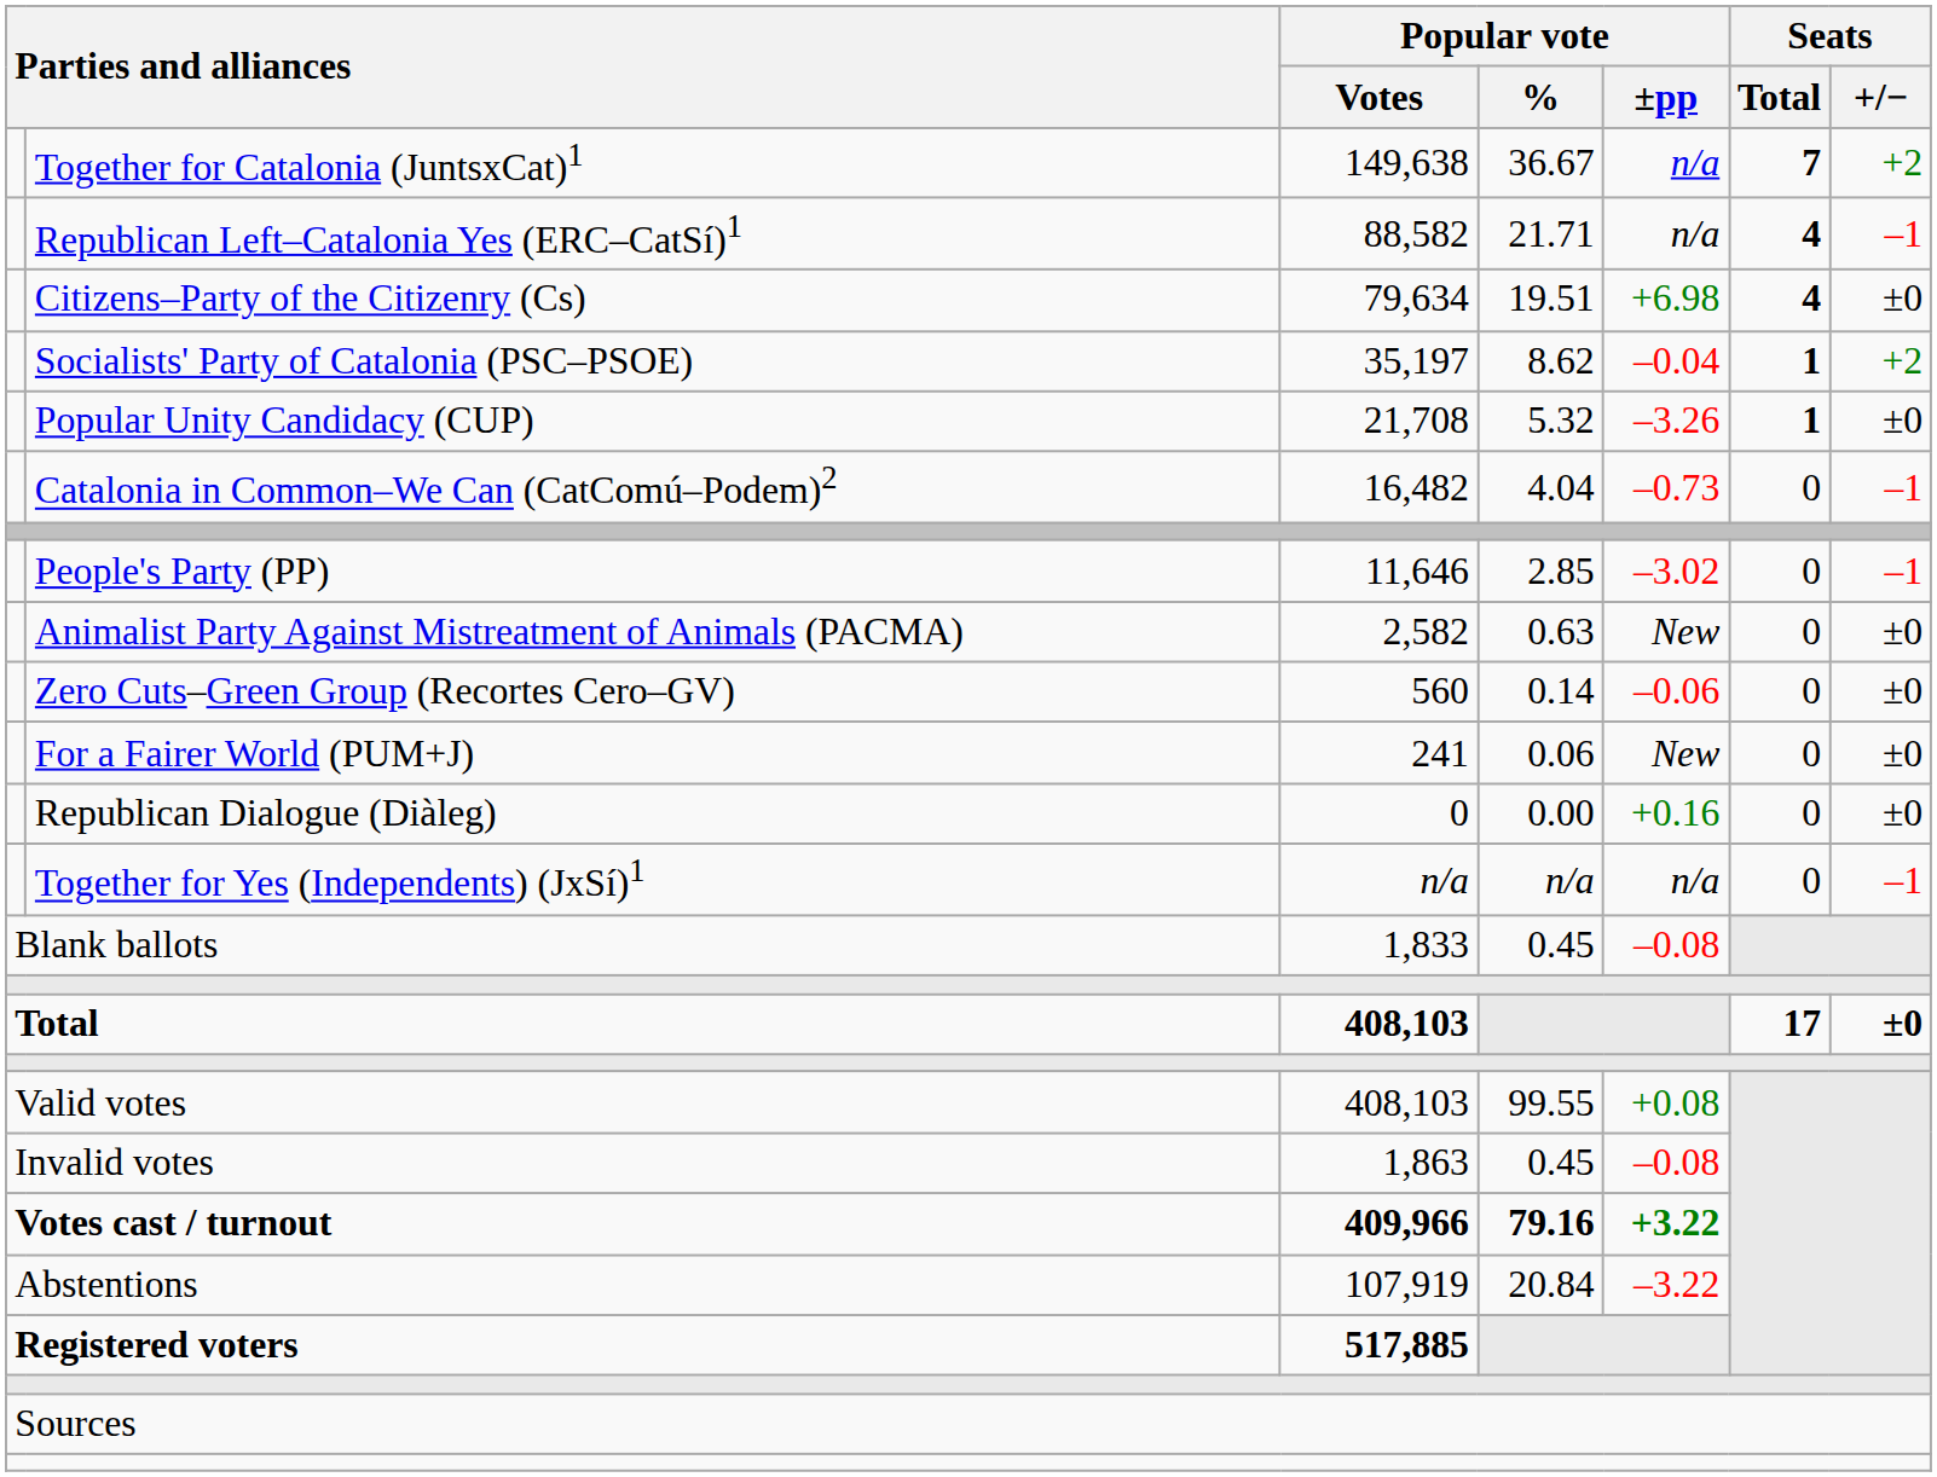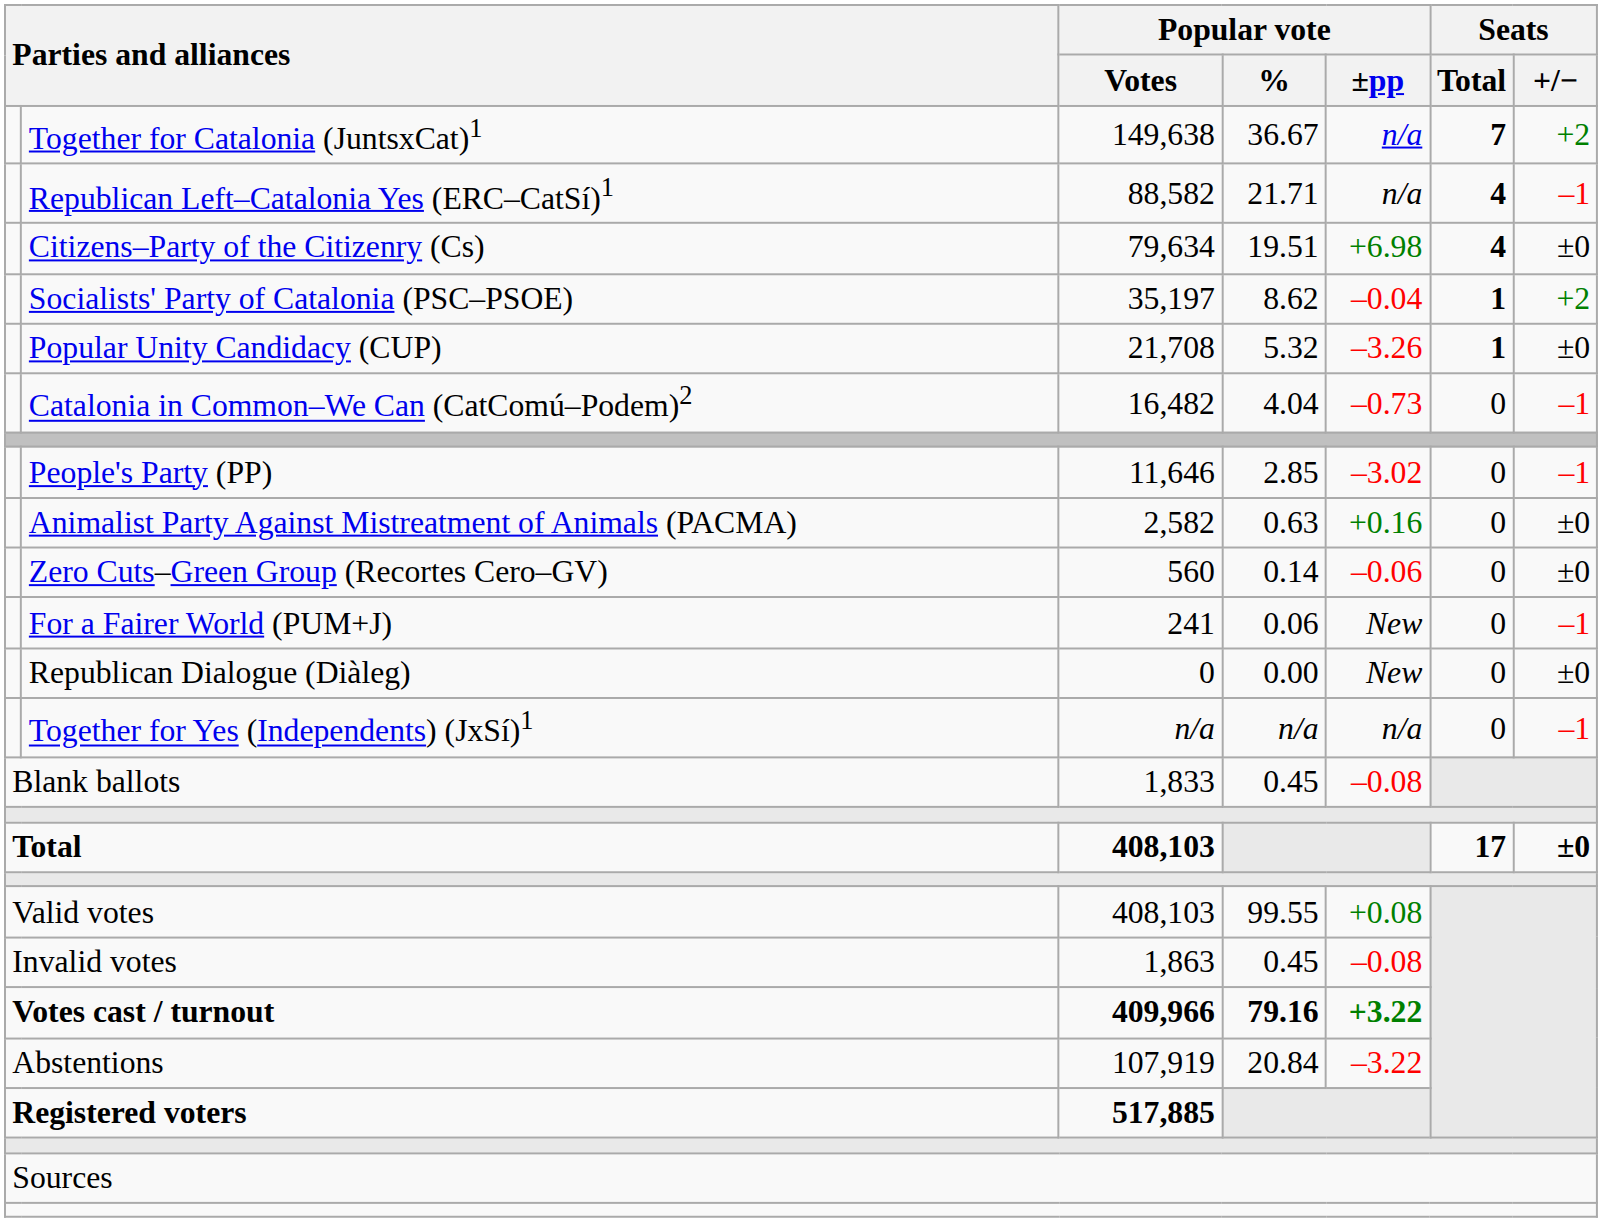 <table class="wikitable" style="text-align:right;">
 <tr>
 <th style="text-align:left;" rowspan="2" colspan="2" width="525">Parties and alliances</th>
 <th colspan="3">Popular vote</th>
 <th colspan="2">Seats</th>
 </tr>
 <tr>
 <th width="75">Votes</th>
 <th width="45">%</th>
 <th width="45">±<a href='#'>pp</a></th>
 <th width="35">Total</th>
 <th width="35">+/−</th>
 </tr>
 <tr>
 <td width="1" style="color:inherit;background:"></td>
 <td align="left"><a href='#'>Together for Catalonia</a> (JuntsxCat)<sup>1</sup></td>
 <td>149,638</td>
 <td>36.67</td>
 <td><em><a href='#'>n/a</a></em></td>
 <td><strong>7</strong></td>
 <td style="color:green;">+2</td>
 </tr>
 <tr>
 <td style="color:inherit;background:"></td>
 <td align="left"><a href='#'>Republican Left–Catalonia Yes</a> (ERC–CatSí)<sup>1</sup></td>
 <td>88,582</td>
 <td>21.71</td>
 <td><em>n/a</em></td>
 <td><strong>4</strong></td>
 <td style="color:red;">–1</td>
 </tr>
 <tr>
 <td style="color:inherit;background:"></td>
 <td align="left"><a href='#'>Citizens–Party of the Citizenry</a> (Cs)</td>
 <td>79,634</td>
 <td>19.51</td>
 <td style="color:green;">+6.98</td>
 <td><strong>4</strong></td>
 <td>±0</td>
 </tr>
 <tr>
 <td style="color:inherit;background:"></td>
 <td align="left"><a href='#'>Socialists' Party of Catalonia</a> (PSC–PSOE)</td>
 <td>35,197</td>
 <td>8.62</td>
 <td style="color:red;">–0.04</td>
 <td><strong>1</strong></td>
 <td style="color:green;">+2</td>
 </tr>
 <tr>
 <td style="color:inherit;background:"></td>
 <td align="left"><a href='#'>Popular Unity Candidacy</a> (CUP)</td>
 <td>21,708</td>
 <td>5.32</td>
 <td style="color:red;">–3.26</td>
 <td><strong>1</strong></td>
 <td>±0</td>
 </tr>
 <tr>
 <td style="color:inherit;background:"></td>
 <td align="left"><a href='#'>Catalonia in Common–We Can</a> (CatComú–Podem)<sup>2</sup></td>
 <td>16,482</td>
 <td>4.04</td>
 <td style="color:red;">–0.73</td>
 <td>0</td>
 <td style="color:red;">–1</td>
 </tr>
 <tr>
 <td colspan="7" bgcolor="#C0C0C0"></td>
 </tr>
 <tr>
 <td style="color:inherit;background:"></td>
 <td align="left"><a href='#'>People's Party</a> (PP)</td>
 <td>11,646</td>
 <td>2.85</td>
 <td style="color:red;">–3.02</td>
 <td>0</td>
 <td style="color:red;">–1</td>
 </tr>
 <tr>
 <td style="color:inherit;background:"></td>
 <td align="left"><a href='#'>Animalist Party Against Mistreatment of Animals</a> (PACMA)</td>
 <td>2,582</td>
 <td>0.63</td>
-<td><em>New</em></td>
+<td style="color:green;">+0.16</td>
 <td>0</td>
 <td>±0</td>
 </tr>
 <tr>
 <td style="color:inherit;background:"></td>
 <td align="left"><a href='#'>Zero Cuts</a>–<a href='#'>Green Group</a> (Recortes Cero–GV)</td>
 <td>560</td>
 <td>0.14</td>
 <td style="color:red;">–0.06</td>
 <td>0</td>
 <td>±0</td>
 </tr>
 <tr>
 <td style="color:inherit;background:"></td>
 <td align="left"><a href='#'>For a Fairer World</a> (PUM+J)</td>
 <td>241</td>
 <td>0.06</td>
 <td><em>New</em></td>
 <td>0</td>
-<td>±0</td>
+<td style="color:red;">–1</td>
 </tr>
 <tr>
 <td style="color:inherit;background:"></td>
 <td align="left">Republican Dialogue (Diàleg)</td>
 <td>0</td>
 <td>0.00</td>
-<td style="color:green;">+0.16</td>
+<td><em>New</em></td>
 <td>0</td>
 <td>±0</td>
 </tr>
 <tr>
 <td style="color:inherit;background:"></td>
 <td align="left"><a href='#'>Together for Yes</a> (<a href='#'>Independents</a>) (JxSí)<sup>1</sup></td>
 <td><em>n/a</em></td>
 <td><em>n/a</em></td>
 <td><em>n/a</em></td>
 <td>0</td>
 <td style="color:red;">–1</td>
 </tr>
 <tr>
 <td align="left" colspan="2">Blank ballots</td>
 <td>1,833</td>
 <td>0.45</td>
 <td style="color:red;">–0.08</td>
 <td bgcolor="#E9E9E9" colspan="2"></td>
 </tr>
 <tr>
 <td colspan="7" bgcolor="#E9E9E9"></td>
 </tr>
 <tr style="font-weight:bold;">
 <td align="left" colspan="2">Total</td>
 <td>408,103</td>
 <td bgcolor="#E9E9E9" colspan="2"></td>
 <td>17</td>
 <td>±0</td>
 </tr>
 <tr>
 <td colspan="7" bgcolor="#E9E9E9"></td>
 </tr>
 <tr>
 <td align="left" colspan="2">Valid votes</td>
 <td>408,103</td>
 <td>99.55</td>
 <td style="color:green;">+0.08</td>
 <td bgcolor="#E9E9E9" colspan="2" rowspan="5"></td>
 </tr>
 <tr>
 <td align="left" colspan="2">Invalid votes</td>
 <td>1,863</td>
 <td>0.45</td>
 <td style="color:red;">–0.08</td>
 </tr>
 <tr style="font-weight:bold;">
 <td align="left" colspan="2">Votes cast / turnout</td>
 <td>409,966</td>
 <td>79.16</td>
 <td style="color:green;">+3.22</td>
 </tr>
 <tr>
 <td align="left" colspan="2">Abstentions</td>
 <td>107,919</td>
 <td>20.84</td>
 <td style="color:red;">–3.22</td>
 </tr>
 <tr style="font-weight:bold;">
 <td align="left" colspan="2">Registered voters</td>
 <td>517,885</td>
 <td bgcolor="#E9E9E9" colspan="2"></td>
 </tr>
 <tr>
 <td colspan="7" bgcolor="#E9E9E9"></td>
 </tr>
 <tr>
 <td align="left" colspan="7">Sources</td>
 </tr>
 <tr>
 <td colspan="7" style="text-align:left; max-width:790px;"></td>
 </tr>
 </table>
